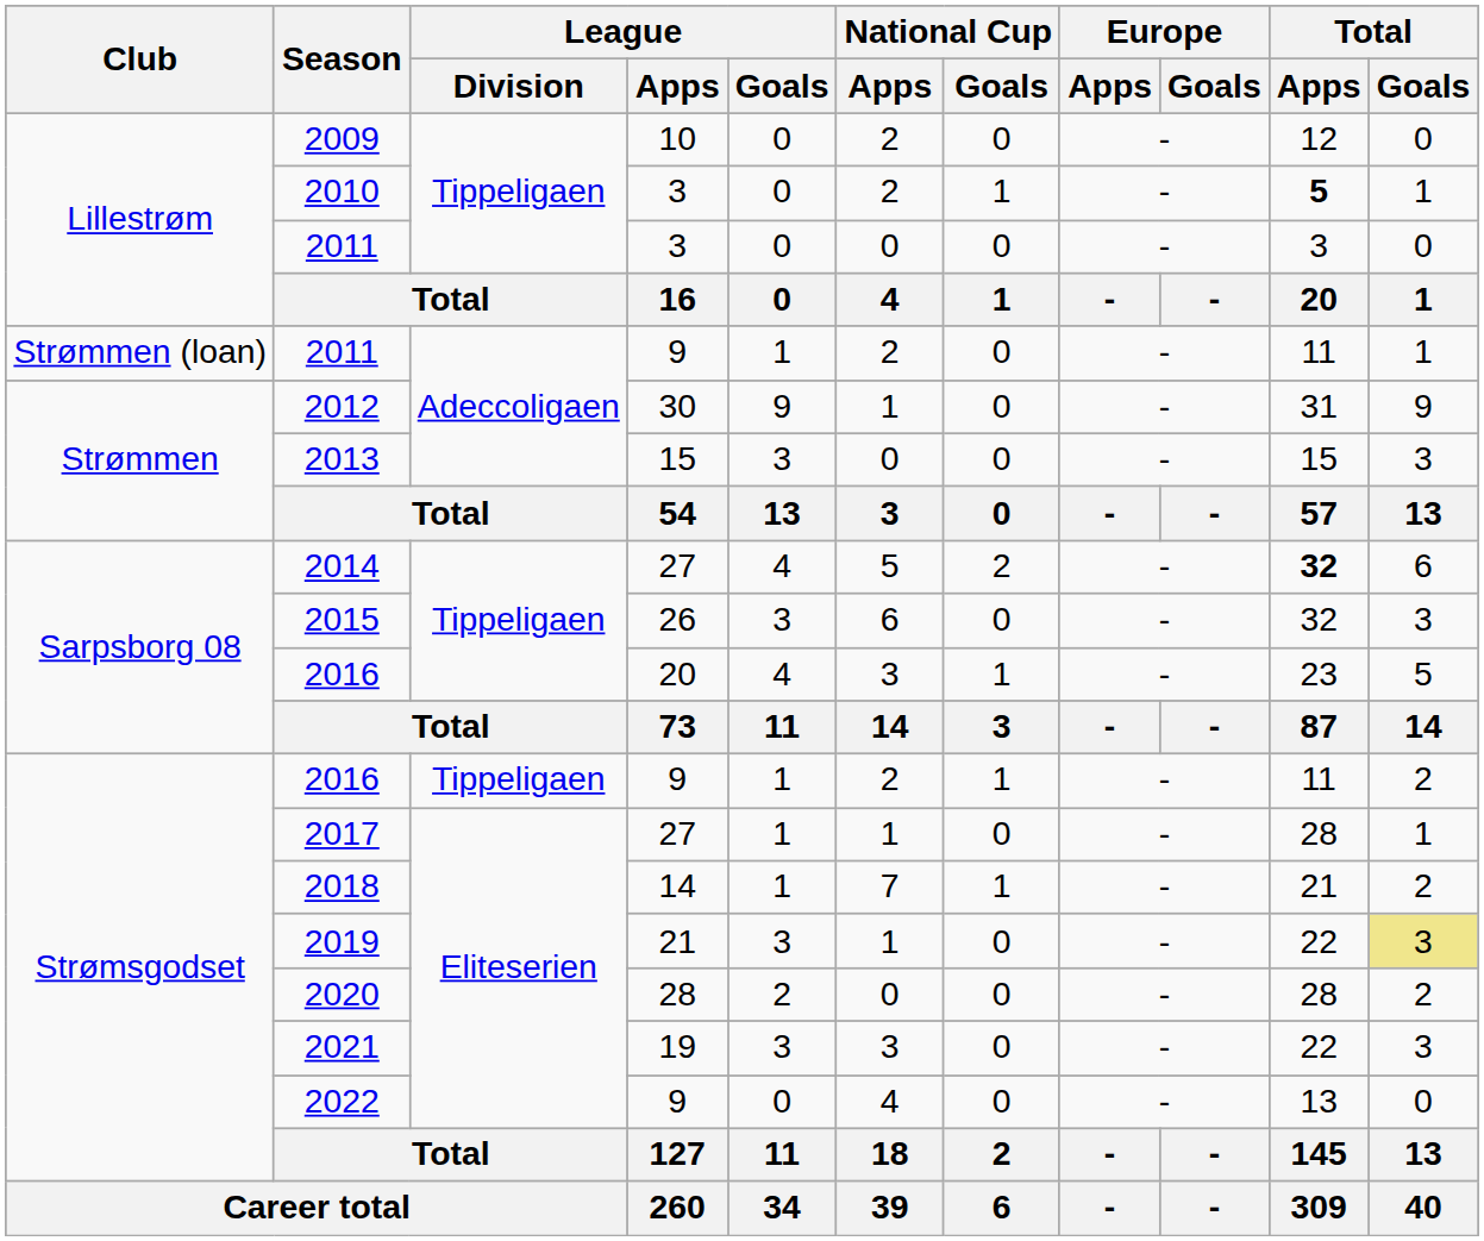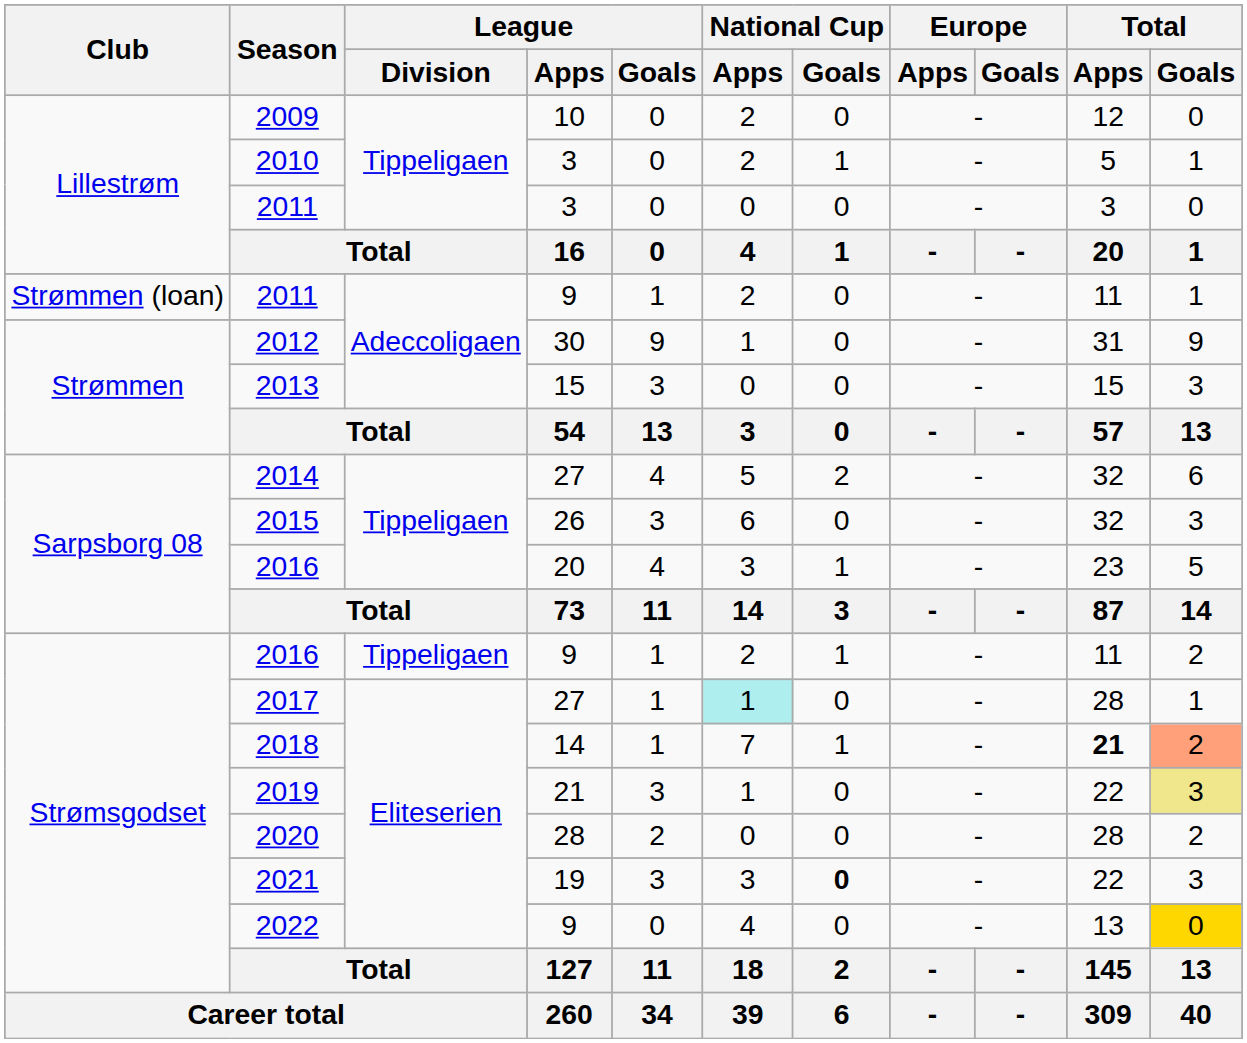 <table class="wikitable" style="text-align: center;">
 <tr>
 <th rowspan="2">Club</th>
 <th rowspan="2">Season</th>
 <th colspan="3">League</th>
 <th colspan="2">National Cup</th>
 <th colspan="2">Europe</th>
 <th colspan="2">Total</th>
 </tr>
 <tr>
 <th>Division</th>
 <th>Apps</th>
 <th>Goals</th>
 <th>Apps</th>
 <th>Goals</th>
 <th>Apps</th>
 <th>Goals</th>
 <th>Apps</th>
 <th>Goals</th>
 </tr>
 <tr>
 <td rowspan="4"><a href='#'>Lillestrøm</a></td>
 <td><a href='#'>2009</a></td>
 <td rowspan="3"><a href='#'>Tippeligaen</a></td>
 <td>10</td>
 <td>0</td>
 <td>2</td>
 <td>0</td>
 <td colspan="2">-</td>
 <td>12</td>
 <td>0</td>
 </tr>
 <tr>
 <td><a href='#'>2010</a></td>
 <td>3</td>
 <td>0</td>
 <td>2</td>
 <td>1</td>
 <td colspan="2">-</td>
-<td><strong>5</strong></td>
+<td>5</td>
 <td>1</td>
 </tr>
 <tr>
 <td><a href='#'>2011</a></td>
 <td>3</td>
 <td>0</td>
 <td>0</td>
 <td>0</td>
 <td colspan="2">-</td>
 <td>3</td>
 <td>0</td>
 </tr>
 <tr>
 <th colspan="2">Total</th>
 <th>16</th>
 <th>0</th>
 <th>4</th>
 <th>1</th>
 <th>-</th>
 <th>-</th>
 <th>20</th>
 <th>1</th>
 </tr>
 <tr>
 <td rowspan="1"><a href='#'>Strømmen</a> (loan)</td>
 <td><a href='#'>2011</a></td>
 <td rowspan="3"><a href='#'>Adeccoligaen</a></td>
 <td>9</td>
 <td>1</td>
 <td>2</td>
 <td>0</td>
 <td colspan="2">-</td>
 <td>11</td>
 <td>1</td>
 </tr>
 <tr>
 <td rowspan="3"><a href='#'>Strømmen</a></td>
 <td><a href='#'>2012</a></td>
 <td>30</td>
 <td>9</td>
 <td>1</td>
 <td>0</td>
 <td colspan="2">-</td>
 <td>31</td>
 <td>9</td>
 </tr>
 <tr>
 <td><a href='#'>2013</a></td>
 <td>15</td>
 <td>3</td>
 <td>0</td>
 <td>0</td>
 <td colspan="2">-</td>
 <td>15</td>
 <td>3</td>
 </tr>
 <tr>
 <th colspan="2">Total</th>
 <th>54</th>
 <th>13</th>
 <th>3</th>
 <th>0</th>
 <th>-</th>
 <th>-</th>
 <th>57</th>
 <th>13</th>
 </tr>
 <tr>
 <td rowspan="4"><a href='#'>Sarpsborg 08</a></td>
 <td><a href='#'>2014</a></td>
 <td rowspan="3"><a href='#'>Tippeligaen</a></td>
 <td>27</td>
 <td>4</td>
 <td>5</td>
 <td>2</td>
 <td colspan="2">-</td>
-<td><strong>32</strong></td>
+<td>32</td>
 <td>6</td>
 </tr>
 <tr>
 <td><a href='#'>2015</a></td>
 <td>26</td>
 <td>3</td>
 <td>6</td>
 <td>0</td>
 <td colspan="2">-</td>
 <td>32</td>
 <td>3</td>
 </tr>
 <tr>
 <td><a href='#'>2016</a></td>
 <td>20</td>
 <td>4</td>
 <td>3</td>
 <td>1</td>
 <td colspan="2">-</td>
 <td>23</td>
 <td>5</td>
 </tr>
 <tr>
 <th colspan="2">Total</th>
 <th>73</th>
 <th>11</th>
 <th>14</th>
 <th>3</th>
 <th>-</th>
 <th>-</th>
 <th>87</th>
 <th>14</th>
 </tr>
 <tr>
 <td rowspan="8"><a href='#'>Strømsgodset</a></td>
 <td><a href='#'>2016</a></td>
 <td rowspan="1"><a href='#'>Tippeligaen</a></td>
 <td>9</td>
 <td>1</td>
 <td>2</td>
 <td>1</td>
 <td colspan="2">-</td>
 <td>11</td>
 <td>2</td>
 </tr>
 <tr>
 <td><a href='#'>2017</a></td>
 <td rowspan="6"><a href='#'>Eliteserien</a></td>
 <td>27</td>
 <td>1</td>
-<td>1</td>
+<td style="background: paleturquoise;">1</td>
 <td>0</td>
 <td colspan="2">-</td>
 <td>28</td>
 <td>1</td>
 </tr>
 <tr>
 <td><a href='#'>2018</a></td>
 <td>14</td>
 <td>1</td>
 <td>7</td>
 <td>1</td>
 <td colspan="2">-</td>
-<td>21</td>
-<td>2</td>
+<td><strong>21</strong></td>
+<td style="background: lightsalmon;">2</td>
 </tr>
 <tr>
 <td><a href='#'>2019</a></td>
 <td>21</td>
 <td>3</td>
 <td>1</td>
 <td>0</td>
 <td colspan="2">-</td>
 <td>22</td>
 <td style="background: khaki;">3</td>
 </tr>
 <tr>
 <td><a href='#'>2020</a></td>
 <td>28</td>
 <td>2</td>
 <td>0</td>
 <td>0</td>
 <td colspan="2">-</td>
 <td>28</td>
 <td>2</td>
 </tr>
 <tr>
 <td><a href='#'>2021</a></td>
 <td>19</td>
 <td>3</td>
 <td>3</td>
-<td>0</td>
+<td><strong>0</strong></td>
 <td colspan="2">-</td>
 <td>22</td>
 <td>3</td>
 </tr>
 <tr>
 <td><a href='#'>2022</a></td>
 <td>9</td>
 <td>0</td>
 <td>4</td>
 <td>0</td>
 <td colspan="2">-</td>
 <td>13</td>
-<td>0</td>
+<td style="background: gold;">0</td>
 </tr>
 <tr>
 <th colspan="2">Total</th>
 <th>127</th>
 <th>11</th>
 <th>18</th>
 <th>2</th>
 <th>-</th>
 <th>-</th>
 <th>145</th>
 <th>13</th>
 </tr>
 <tr>
 <th colspan="3">Career total</th>
 <th>260</th>
 <th>34</th>
 <th>39</th>
 <th>6</th>
 <th>-</th>
 <th>-</th>
 <th>309</th>
 <th>40</th>
 </tr>
 </table>
